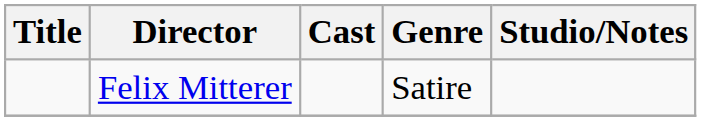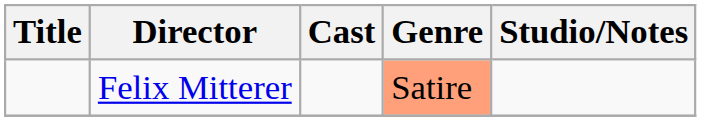 <table class="wikitable">
 <tr>
 <th>Title</th>
 <th>Director</th>
 <th>Cast</th>
 <th>Genre</th>
 <th>Studio/Notes</th>
 </tr>
 <tr>
 <td></td>
 <td><a href='#'>Felix Mitterer</a></td>
 <td></td>
-<td>Satire</td>
+<td style="background: lightsalmon;">Satire</td>
 <td></td>
 </tr>
 <tr>
 </tr>
 </table>
